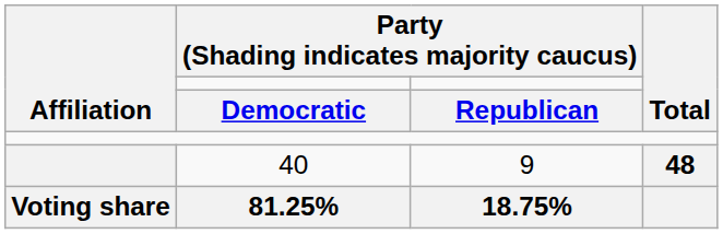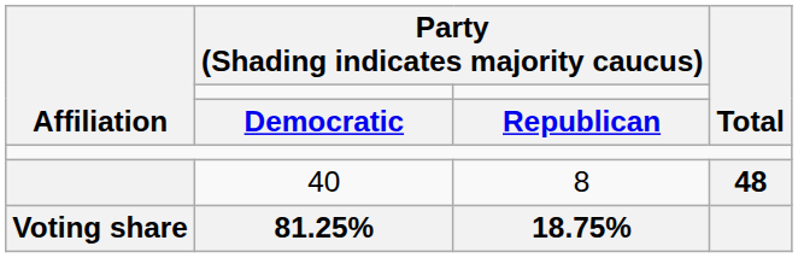 <table class=wikitable style="text-align:center">
 <tr style="vertical-align:bottom;">
 <th rowspan=3>Affiliation</th>
 <th colspan=2>Party <div>(Shading indicates majority caucus)</div></th>
 <th rowspan=3>Total</th>
 </tr>
 <tr style="height:5px">
 <td style="background-color:"></td>
 <td style="background-color:"></td>
 </tr>
 <tr>
 <th><a href='#'>Democratic</a></th>
 <th><a href='#'>Republican</a></th>
 </tr>
 <tr>
 <td colspan=5></td>
 </tr>
 <tr>
 <th nowrap style="font-size:80%"></th>
 <td>40</td>
-<td>9</td>
+<td>8</td>
 <th>48</th>
 </tr>
 <tr>
 <th>Voting share</th>
 <th>81.25%</th>
 <th>18.75%</th>
 <th colspan=2></th>
 </tr>
 </table>
